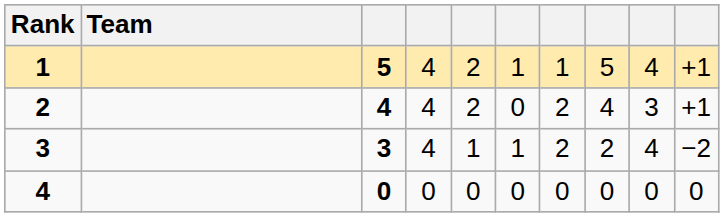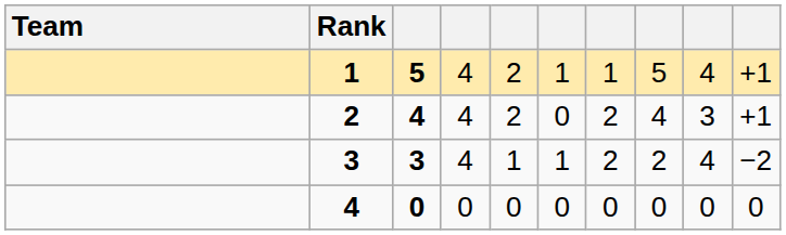 <table class="wikitable" style="text-align:center">
 <tr>
+<th width=165 style="text-align:left">Team</th>
 <th width=30>Rank</th>
-<th width=165 style="text-align:left">Team</th>
 <th width=20></th>
 <th width=20></th>
 <th width=20></th>
 <th width=20></th>
 <th width=20></th>
 <th width=20></th>
 <th width=20></th>
 <th width=20></th>
 </tr>
 <tr bgcolor="#ffebad">
+<td align="left"></td>
 <td><strong>1</strong></td>
-<td align="left"></td>
 <td><strong>5</strong></td>
 <td>4</td>
 <td>2</td>
 <td>1</td>
 <td>1</td>
 <td>5</td>
 <td>4</td>
 <td>+1</td>
 </tr>
 <tr>
+<td align="left"></td>
 <td><strong>2</strong></td>
-<td align="left"></td>
 <td><strong>4</strong></td>
 <td>4</td>
 <td>2</td>
 <td>0</td>
 <td>2</td>
 <td>4</td>
 <td>3</td>
 <td>+1</td>
 </tr>
 <tr>
+<td align="left"></td>
 <td><strong>3</strong></td>
-<td align="left"></td>
 <td><strong>3</strong></td>
 <td>4</td>
 <td>1</td>
 <td>1</td>
 <td>2</td>
 <td>2</td>
 <td>4</td>
 <td>−2</td>
 </tr>
 <tr>
+<td align="left"></td>
 <td><strong>4</strong></td>
-<td align="left"></td>
 <td><strong>0</strong></td>
 <td>0</td>
 <td>0</td>
 <td>0</td>
 <td>0</td>
 <td>0</td>
 <td>0</td>
 <td>0</td>
 </tr>
 </table>
